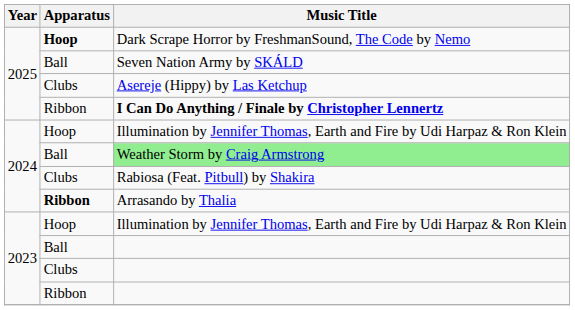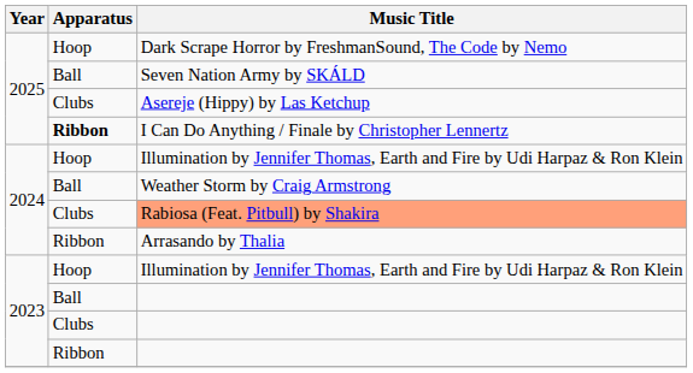 <table class="wikitable">
 <tr>
 <th>Year</th>
 <th>Apparatus</th>
 <th>Music Title</th>
 </tr>
 <tr>
 <td rowspan="4">2025</td>
-<td><strong>Hoop</strong></td>
+<td>Hoop</td>
 <td>Dark Scrape Horror by FreshmanSound, <a href='#'>The Code</a> by <a href='#'>Nemo</a></td>
 </tr>
 <tr>
 <td>Ball</td>
 <td>Seven Nation Army by <a href='#'>SKÁLD</a></td>
 </tr>
 <tr>
 <td>Clubs</td>
 <td><a href='#'>Asereje</a> (Hippy) by <a href='#'>Las Ketchup</a></td>
 </tr>
 <tr>
-<td>Ribbon</td>
-<td><strong>I Can Do Anything / Finale by <a href='#'>Christopher Lennertz</a></strong></td>
+<td><strong>Ribbon</strong></td>
+<td>I Can Do Anything / Finale by <a href='#'>Christopher Lennertz</a></td>
 </tr>
 <tr>
 <td rowspan="4">2024</td>
 <td>Hoop</td>
 <td>Illumination by <a href='#'>Jennifer Thomas</a>, Earth and Fire by Udi Harpaz & Ron Klein</td>
 </tr>
 <tr>
 <td>Ball</td>
-<td style="background: lightgreen;">Weather Storm by <a href='#'>Craig Armstrong</a></td>
+<td>Weather Storm by <a href='#'>Craig Armstrong</a></td>
 </tr>
 <tr>
 <td>Clubs</td>
-<td>Rabiosa (Feat. <a href='#'>Pitbull</a>) by <a href='#'>Shakira</a></td>
+<td style="background: lightsalmon;">Rabiosa (Feat. <a href='#'>Pitbull</a>) by <a href='#'>Shakira</a></td>
 </tr>
 <tr>
-<td><strong>Ribbon</strong></td>
+<td>Ribbon</td>
 <td>Arrasando by <a href='#'>Thalia</a></td>
 </tr>
 <tr>
 <td rowspan="4">2023</td>
 <td>Hoop</td>
 <td>Illumination by <a href='#'>Jennifer Thomas</a>, Earth and Fire by Udi Harpaz & Ron Klein</td>
 </tr>
 <tr>
 <td>Ball</td>
 <td></td>
 </tr>
 <tr>
 <td>Clubs</td>
 <td></td>
 </tr>
 <tr>
 <td>Ribbon</td>
 <td></td>
 </tr>
 <tr>
 </tr>
 </table>
